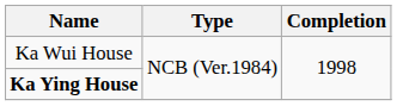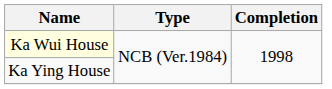 <table class="wikitable" style="text-align: center">
 <tr>
 <th>Name</th>
 <th>Type</th>
 <th>Completion</th>
 </tr>
 <tr>
-<td>Ka Wui House</td>
+<td style="background: lightyellow;">Ka Wui House</td>
 <td rowspan="2">NCB (Ver.1984)</td>
 <td rowspan="2">1998</td>
 </tr>
 <tr>
-<td><strong>Ka Ying House</strong></td>
+<td>Ka Ying House</td>
 </tr>
 <tr>
 </tr>
 </table>
